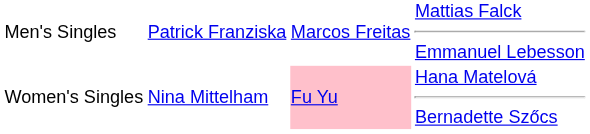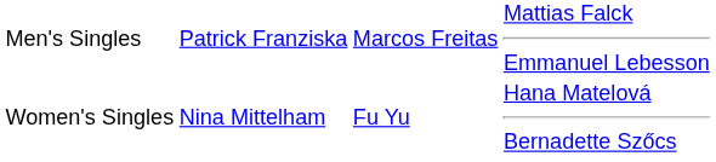 <table>
 <tr>
 <td>Men's Singles <br></td>
 <td> <a href='#'>Patrick Franziska</a></td>
 <td> <a href='#'>Marcos Freitas</a></td>
 <td> <a href='#'>Mattias Falck</a><hr> <a href='#'>Emmanuel Lebesson</a></td>
 </tr>
 <tr>
 <td>Women's Singles <br></td>
 <td> <a href='#'>Nina Mittelham</a></td>
-<td style="background: pink;"> <a href='#'>Fu Yu</a></td>
+<td> <a href='#'>Fu Yu</a></td>
 <td> <a href='#'>Hana Matelová</a><hr> <a href='#'>Bernadette Szőcs</a></td>
 </tr>
 <tr>
 </tr>
 </table>
